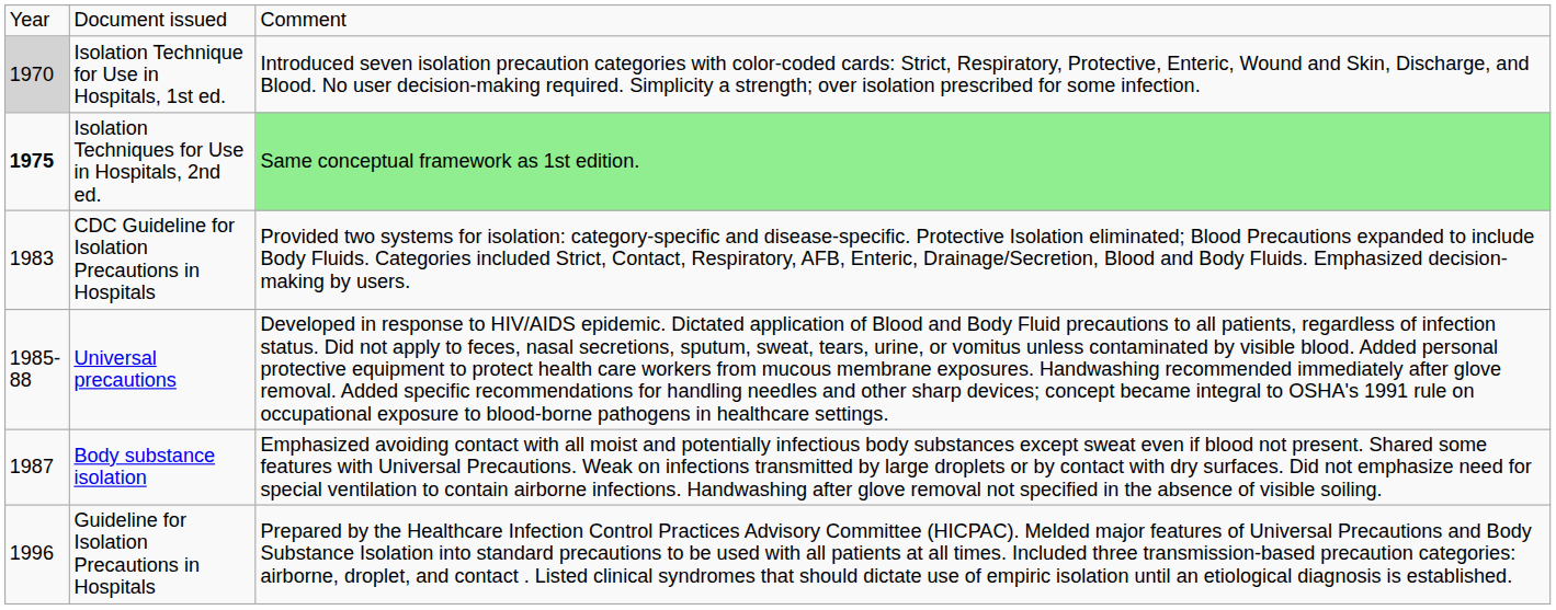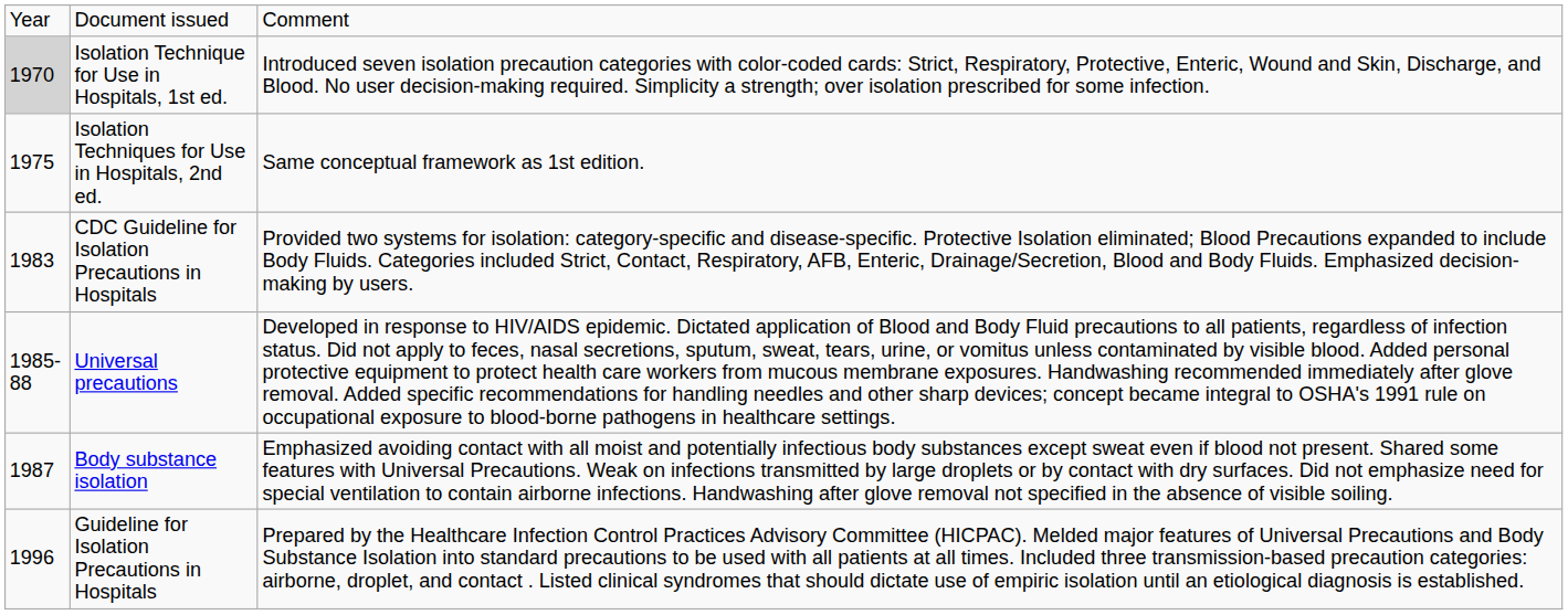 <table class="wikitable">
 <tr>
 <td>Year</td>
 <td>Document issued</td>
 <td>Comment</td>
 </tr>
 <tr>
 <td style="background: lightgrey;">1970</td>
 <td>Isolation Technique for Use in Hospitals, 1st ed.</td>
 <td>Introduced seven isolation precaution categories with color-coded cards: Strict, Respiratory, Protective, Enteric, Wound and Skin, Discharge, and Blood. No user decision-making required. Simplicity a strength; over isolation prescribed for some infection.</td>
 </tr>
 <tr>
-<td><strong>1975</strong></td>
+<td>1975</td>
 <td>Isolation Techniques for Use in Hospitals, 2nd ed.</td>
-<td style="background: lightgreen;">Same conceptual framework as 1st edition.</td>
+<td>Same conceptual framework as 1st edition.</td>
 </tr>
 <tr>
 <td>1983</td>
 <td>CDC Guideline for Isolation Precautions in Hospitals</td>
 <td>Provided two systems for isolation: category-specific and disease-specific. Protective Isolation eliminated; Blood Precautions expanded to include Body Fluids. Categories included Strict, Contact, Respiratory, AFB, Enteric, Drainage/Secretion, Blood and Body Fluids. Emphasized decision-making by users.</td>
 </tr>
 <tr>
 <td>1985-88</td>
 <td><a href='#'>Universal precautions</a></td>
 <td>Developed in response to HIV/AIDS epidemic. Dictated application of Blood and Body Fluid precautions to all patients, regardless of infection status. Did not apply to feces, nasal secretions, sputum, sweat, tears, urine, or vomitus unless contaminated by visible blood. Added personal protective equipment to protect health care workers from mucous membrane exposures. Handwashing recommended immediately after glove removal. Added specific recommendations for handling needles and other sharp devices; concept became integral to OSHA's 1991 rule on occupational exposure to blood-borne pathogens in healthcare settings.</td>
 </tr>
 <tr>
 <td>1987</td>
 <td><a href='#'>Body substance isolation</a></td>
 <td>Emphasized avoiding contact with all moist and potentially infectious body substances except sweat even if blood not present. Shared some features with Universal Precautions. Weak on infections transmitted by large droplets or by contact with dry surfaces. Did not emphasize need for special ventilation to contain airborne infections. Handwashing after glove removal not specified in the absence of visible soiling.</td>
 </tr>
 <tr>
 <td>1996</td>
 <td>Guideline for Isolation Precautions in Hospitals</td>
 <td>Prepared by the Healthcare Infection Control Practices Advisory Committee (HICPAC). Melded major features of Universal Precautions and Body Substance Isolation into standard precautions to be used with all patients at all times. Included three transmission-based precaution categories: airborne, droplet, and contact . Listed clinical syndromes that should dictate use of empiric isolation until an etiological diagnosis is established.</td>
 </tr>
 </table>
